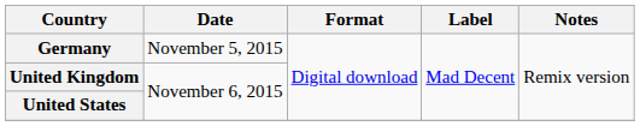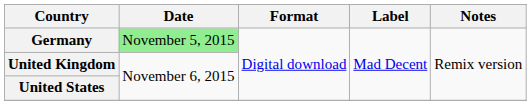 <table class="wikitable plainrowheaders">
 <tr>
 <th scope="col">Country</th>
 <th scope="col">Date</th>
 <th scope="col">Format</th>
 <th scope="col">Label</th>
 <th scope="col">Notes</th>
 </tr>
 <tr>
 <th scope="row">Germany</th>
-<td rowspan="1">November 5, 2015</td>
+<td rowspan="1" style="background: lightgreen;">November 5, 2015</td>
 <td rowspan="3"><a href='#'>Digital download</a></td>
 <td rowspan="3"><a href='#'>Mad Decent</a></td>
 <td rowspan="3">Remix version</td>
 </tr>
 <tr>
 <th scope="row">United Kingdom</th>
 <td rowspan="2">November 6, 2015</td>
 </tr>
 <tr>
 <th scope="row">United States</th>
 </tr>
 <tr>
 </tr>
 </table>
